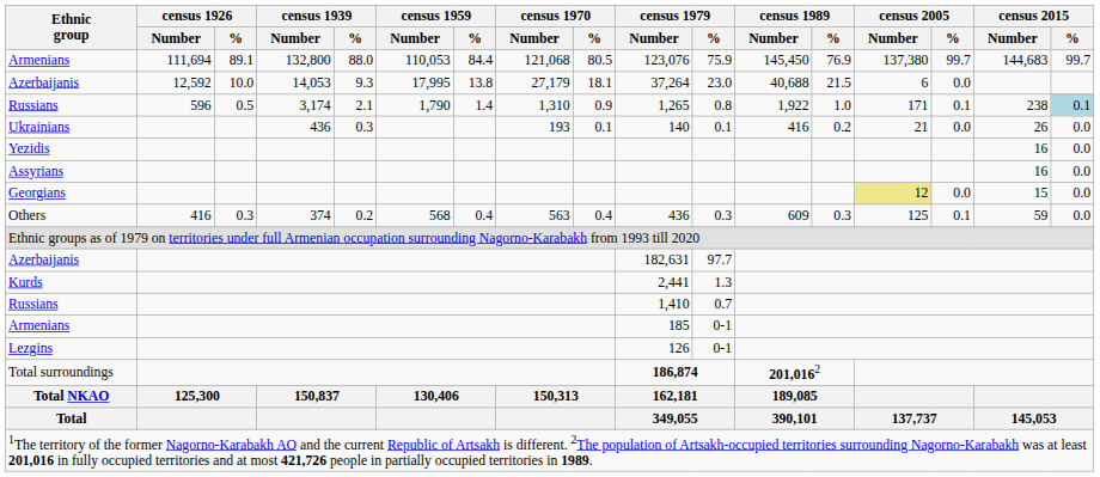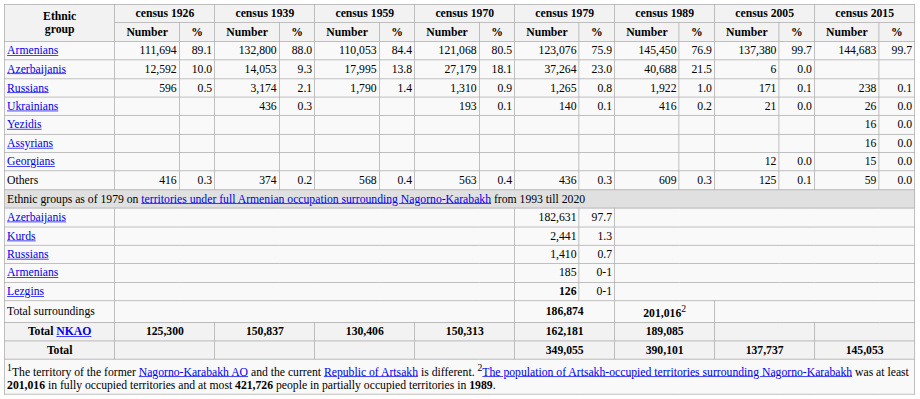 <table class="wikitable">
 <tr bgcolor="#e0e0e0">
 <th rowspan="2">Ethnic<br>group</th>
 <th colspan="2">census 1926</th>
 <th colspan="2">census 1939</th>
 <th colspan="2">census 1959</th>
 <th colspan="2">census 1970</th>
 <th colspan="2">census 1979</th>
 <th colspan="2">census 1989</th>
 <th colspan="2">census 2005</th>
 <th colspan="2">census 2015</th>
 </tr>
 <tr bgcolor="#e0e0e0">
 <th>Number</th>
 <th>%</th>
 <th>Number</th>
 <th>%</th>
 <th>Number</th>
 <th>%</th>
 <th>Number</th>
 <th>%</th>
 <th>Number</th>
 <th>%</th>
 <th>Number</th>
 <th>%</th>
 <th>Number</th>
 <th>%</th>
 <th>Number</th>
 <th>%</th>
 </tr>
 <tr>
 <td><a href='#'>Armenians</a></td>
 <td align="right">111,694</td>
 <td align="right">89.1</td>
 <td align="right">132,800</td>
 <td align="right">88.0</td>
 <td align="right">110,053</td>
 <td align="right">84.4</td>
 <td align="right">121,068</td>
 <td align="right">80.5</td>
 <td align="right">123,076</td>
 <td align="right">75.9</td>
 <td align="right">145,450</td>
 <td align="right">76.9</td>
 <td align="right">137,380</td>
 <td align="right">99.7</td>
 <td align="right">144,683</td>
 <td align="right">99.7</td>
 </tr>
 <tr>
 <td><a href='#'>Azerbaijanis</a></td>
 <td align="right">12,592</td>
 <td align="right">10.0</td>
 <td align="right">14,053</td>
 <td align="right">9.3</td>
 <td align="right">17,995</td>
 <td align="right">13.8</td>
 <td align="right">27,179</td>
 <td align="right">18.1</td>
 <td align="right">37,264</td>
 <td align="right">23.0</td>
 <td align="right">40,688</td>
 <td align="right">21.5</td>
 <td align="right">6</td>
 <td align="right">0.0</td>
 <td align="right"></td>
 <td align="right"></td>
 </tr>
 <tr>
 <td><a href='#'>Russians</a></td>
 <td align="right">596</td>
 <td align="right">0.5</td>
 <td align="right">3,174</td>
 <td align="right">2.1</td>
 <td align="right">1,790</td>
 <td align="right">1.4</td>
 <td align="right">1,310</td>
 <td align="right">0.9</td>
 <td align="right">1,265</td>
 <td align="right">0.8</td>
 <td align="right">1,922</td>
 <td align="right">1.0</td>
 <td align="right">171</td>
 <td align="right">0.1</td>
 <td align="right">238</td>
-<td align="right" style="background: lightblue;">0.1</td>
+<td align="right">0.1</td>
 </tr>
 <tr>
 <td><a href='#'>Ukrainians</a></td>
 <td align="right"></td>
 <td align="right"></td>
 <td align="right">436</td>
 <td align="right">0.3</td>
 <td align="right"></td>
 <td align="right"></td>
 <td align="right">193</td>
 <td align="right">0.1</td>
 <td align="right">140</td>
 <td align="right">0.1</td>
 <td align="right">416</td>
 <td align="right">0.2</td>
 <td align="right">21</td>
 <td align="right">0.0</td>
 <td align="right">26</td>
 <td align="right">0.0</td>
 </tr>
 <tr>
 <td><a href='#'>Yezidis</a></td>
 <td align="right"></td>
 <td align="right"></td>
 <td align="right"></td>
 <td align="right"></td>
 <td align="right"></td>
 <td align="right"></td>
 <td align="right"></td>
 <td align="right"></td>
 <td align="right"></td>
 <td align="right"></td>
 <td align="right"></td>
 <td align="right"></td>
 <td align="right"></td>
 <td align="right"></td>
 <td align="right">16</td>
 <td align="right">0.0</td>
 </tr>
 <tr>
 <td><a href='#'>Assyrians</a></td>
 <td align="right"></td>
 <td align="right"></td>
 <td align="right"></td>
 <td align="right"></td>
 <td align="right"></td>
 <td align="right"></td>
 <td align="right"></td>
 <td align="right"></td>
 <td align="right"></td>
 <td align="right"></td>
 <td align="right"></td>
 <td align="right"></td>
 <td align="right"></td>
 <td align="right"></td>
 <td align="right">16</td>
 <td align="right">0.0</td>
 </tr>
 <tr>
 <td><a href='#'>Georgians</a></td>
 <td align="right"></td>
 <td align="right"></td>
 <td align="right"></td>
 <td align="right"></td>
 <td align="right"></td>
 <td align="right"></td>
 <td align="right"></td>
 <td align="right"></td>
 <td align="right"></td>
 <td align="right"></td>
 <td align="right"></td>
 <td align="right"></td>
-<td align="right" style="background: khaki;">12</td>
+<td align="right">12</td>
 <td align="right">0.0</td>
 <td align="right">15</td>
 <td align="right">0.0</td>
 </tr>
 <tr>
 <td>Others</td>
 <td align="right">416</td>
 <td align="right">0.3</td>
 <td align="right">374</td>
 <td align="right">0.2</td>
 <td align="right">568</td>
 <td align="right">0.4</td>
 <td align="right">563</td>
 <td align="right">0.4</td>
 <td align="right">436</td>
 <td align="right">0.3</td>
 <td align="right">609</td>
 <td align="right">0.3</td>
 <td align="right">125</td>
 <td align="right">0.1</td>
 <td align="right">59</td>
 <td align="right">0.0</td>
 </tr>
 <tr bgcolor="#e0e0e0">
 <td colspan="17">Ethnic groups as of 1979 on <a href='#'>territories under full Armenian occupation surrounding Nagorno-Karabakh</a> from 1993 till 2020</td>
 </tr>
 <tr>
 <td><a href='#'>Azerbaijanis</a></td>
 <td colspan="8"></td>
 <td align="right">182,631</td>
 <td align="right">97.7</td>
 <td colspan="6"></td>
 </tr>
 <tr>
 <td><a href='#'>Kurds</a></td>
 <td colspan="8"></td>
 <td align="right">2,441</td>
 <td align="right">1.3</td>
 <td colspan="6"></td>
 </tr>
 <tr>
 <td><a href='#'>Russians</a></td>
 <td colspan="8"></td>
 <td align="right">1,410</td>
 <td align="right">0.7</td>
 <td colspan="6"></td>
 </tr>
 <tr>
 <td><a href='#'>Armenians</a></td>
 <td colspan="8"></td>
 <td align="right">185</td>
 <td align="right">0-1</td>
 <td colspan="6"></td>
 </tr>
 <tr>
 <td><a href='#'>Lezgins</a></td>
 <td colspan="8"></td>
-<td align="right">126</td>
+<td align="right"><strong>126</strong></td>
 <td align="right">0-1</td>
 <td colspan="6"></td>
 </tr>
 <tr>
 <td>Total surroundings</td>
 <td colspan="8"></td>
 <td colspan="2" align="center"><strong>186,874</strong></td>
 <td colspan="2" align="center"><strong>201,016</strong><sup>2</sup></td>
 <td colspan="4"></td>
 </tr>
 <tr bgcolor="#e0e0e0">
 <th align="left">Total <a href='#'>NKAO</a></th>
 <th colspan="2">125,300</th>
 <th colspan="2">150,837</th>
 <th colspan="2">130,406</th>
 <th colspan="2">150,313</th>
 <th colspan="2">162,181</th>
 <th colspan="2">189,085</th>
 <th colspan="2"></th>
 <th colspan="2"></th>
 </tr>
 <tr bgcolor="#e0e0e0">
 <th align="left">Total</th>
 <th colspan="2"></th>
 <th colspan="2"></th>
 <th colspan="2"></th>
 <th colspan="2"></th>
 <th colspan="2">349,055</th>
 <th colspan="2">390,101</th>
 <th colspan="2">137,737</th>
 <th colspan="2">145,053</th>
 </tr>
 <tr>
 <td colspan="17"><sup>1</sup>The territory of the former <a href='#'>Nagorno-Karabakh AO</a> and the current <a href='#'>Republic of Artsakh</a> is different. <sup>2</sup><a href='#'>The population of Artsakh-occupied territories surrounding Nagorno-Karabakh</a> was at least <strong>201,016</strong> in fully occupied territories and at most <strong>421,726</strong> people in partially occupied territories in <strong>1989</strong>.</td>
 </tr>
 </table>
